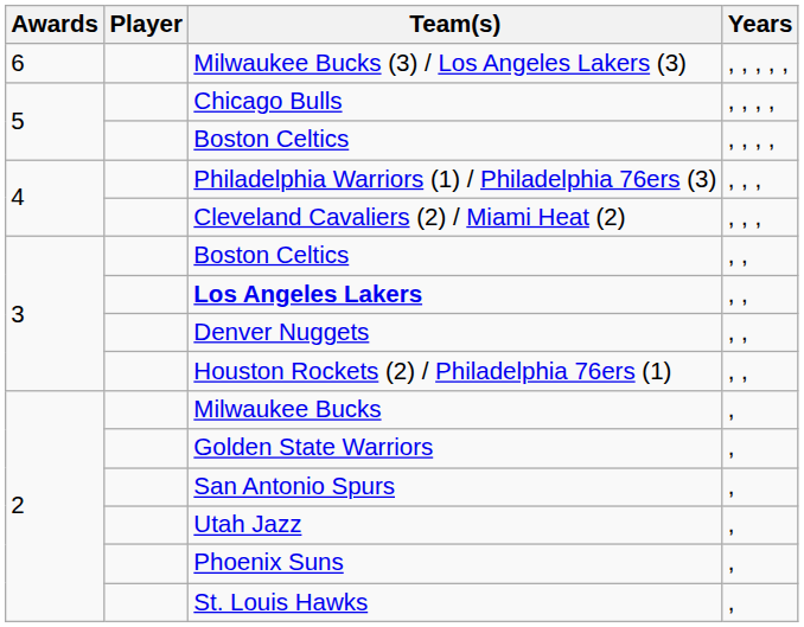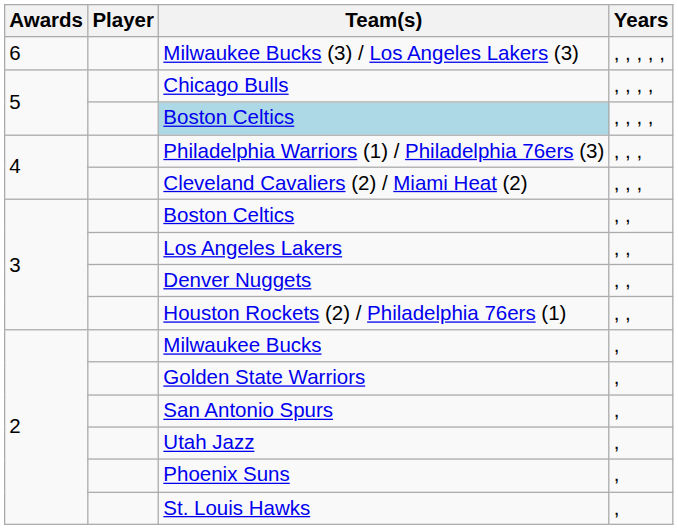 <table class="wikitable sortable">
 <tr>
 <th>Awards</th>
 <th>Player</th>
 <th>Team(s)</th>
 <th>Years</th>
 </tr>
 <tr>
 <td>6</td>
 <td> </td>
 <td><a href='#'>Milwaukee Bucks</a> (3) / <a href='#'>Los Angeles Lakers</a> (3)</td>
 <td>, , , , , </td>
 </tr>
 <tr>
 <td rowspan="2">5</td>
 <td> </td>
 <td><a href='#'>Chicago Bulls</a></td>
 <td>, , , , </td>
 </tr>
 <tr>
 <td> </td>
-<td><a href='#'>Boston Celtics</a></td>
+<td style="background: lightblue;"><a href='#'>Boston Celtics</a></td>
 <td>, , , , </td>
 </tr>
 <tr>
 <td rowspan="2">4</td>
 <td> </td>
 <td><a href='#'>Philadelphia Warriors</a> (1) / <a href='#'>Philadelphia 76ers</a> (3)</td>
 <td>, , , </td>
 </tr>
 <tr>
 <td> </td>
 <td><a href='#'>Cleveland Cavaliers</a> (2) / <a href='#'>Miami Heat</a> (2)</td>
 <td>, , , </td>
 </tr>
 <tr>
 <td rowspan="4">3</td>
 <td> </td>
 <td><a href='#'>Boston Celtics</a></td>
 <td>, , </td>
 </tr>
 <tr>
 <td> </td>
-<td><strong><a href='#'>Los Angeles Lakers</a></strong></td>
+<td><a href='#'>Los Angeles Lakers</a></td>
 <td>, , </td>
 </tr>
 <tr>
 <td> </td>
 <td><a href='#'>Denver Nuggets</a></td>
 <td>, , </td>
 </tr>
 <tr>
 <td> </td>
 <td><a href='#'>Houston Rockets</a> (2) / <a href='#'>Philadelphia 76ers</a> (1)</td>
 <td>, , </td>
 </tr>
 <tr>
 <td rowspan="6">2</td>
 <td> </td>
 <td><a href='#'>Milwaukee Bucks</a></td>
 <td>, </td>
 </tr>
 <tr>
 <td> </td>
 <td><a href='#'>Golden State Warriors</a></td>
 <td>, </td>
 </tr>
 <tr>
 <td> </td>
 <td><a href='#'>San Antonio Spurs</a></td>
 <td>, </td>
 </tr>
 <tr>
 <td> </td>
 <td><a href='#'>Utah Jazz</a></td>
 <td>, </td>
 </tr>
 <tr>
 <td> </td>
 <td><a href='#'>Phoenix Suns</a></td>
 <td>, </td>
 </tr>
 <tr>
 <td> </td>
 <td><a href='#'>St. Louis Hawks</a></td>
 <td>, </td>
 </tr>
 </table>
